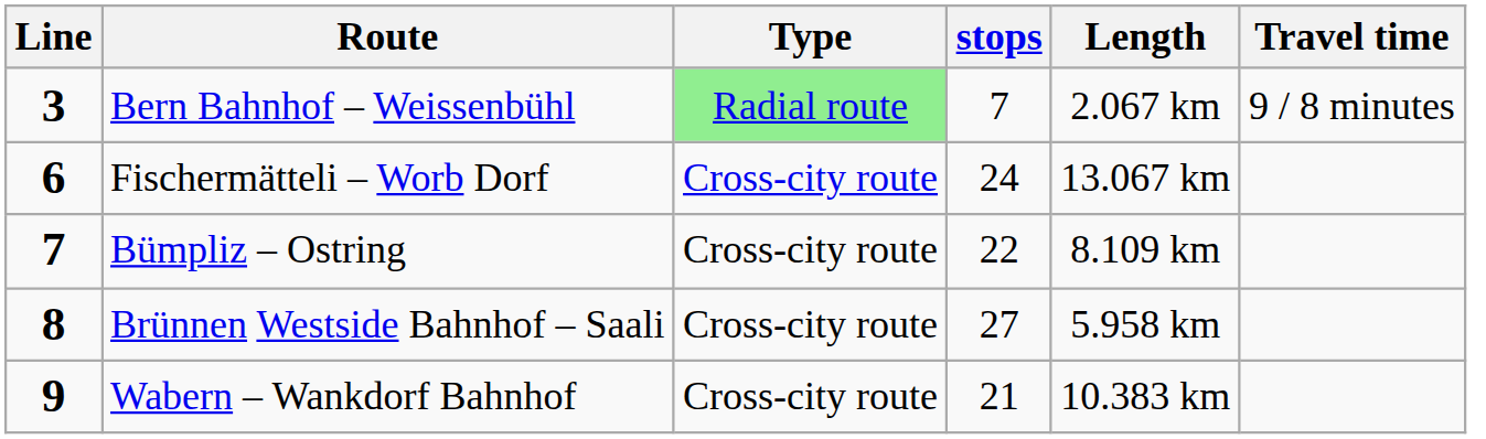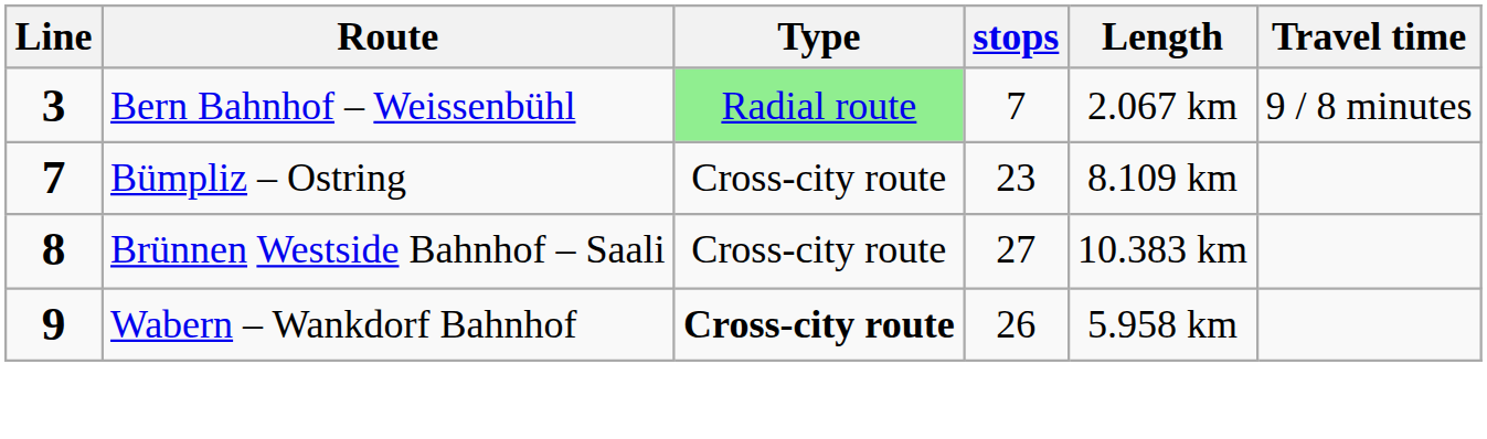 <table class="wikitable">
 <tr>
 <th>Line</th>
 <th>Route</th>
 <th>Type</th>
 <th><a href='#'>stops</a></th>
 <th>Length</th>
 <th>Travel time</th>
 </tr>
 <tr align="center">
 <td><span><big><strong>3</strong></big></span></td>
 <td align="left"><a href='#'>Bern Bahnhof</a> – <a href='#'>Weissenbühl</a></td>
 <td style="background: lightgreen;"><a href='#'>Radial route</a></td>
 <td>7</td>
 <td>2.067 km</td>
 <td>9 / 8 minutes</td>
 </tr>
 <tr align="center">
-<td><span><big><strong>6</strong></big></span></td>
-<td align="left">Fischermätteli – <a href='#'>Worb</a> Dorf</td>
-<td><a href='#'>Cross-city route</a></td>
-<td>24</td>
-<td>13.067 km</td>
-<td></td>
-</tr>
-<tr align="center">
 <td><span><big><strong>7</strong></big></span></td>
 <td align="left"><a href='#'>Bümpliz</a> – Ostring</td>
 <td>Cross-city route</td>
-<td>22</td>
+<td>23</td>
 <td>8.109 km</td>
 <td></td>
 </tr>
 <tr align="center">
 <td><span><big><strong>8</strong></big></span></td>
 <td align="left"><a href='#'>Brünnen</a> <a href='#'>Westside</a> Bahnhof – Saali</td>
 <td>Cross-city route</td>
 <td>27</td>
-<td>5.958 km</td>
+<td>10.383 km</td>
 <td></td>
 </tr>
 <tr align="center">
 <td><span><big><strong>9</strong></big></span></td>
 <td align="left"><a href='#'>Wabern</a> – Wankdorf Bahnhof</td>
-<td>Cross-city route</td>
-<td>21</td>
-<td>10.383 km</td>
+<td><strong>Cross-city route</strong></td>
+<td>26</td>
+<td>5.958 km</td>
 <td></td>
 </tr>
 </table>
